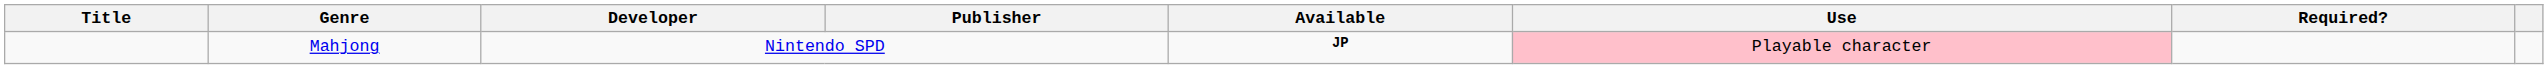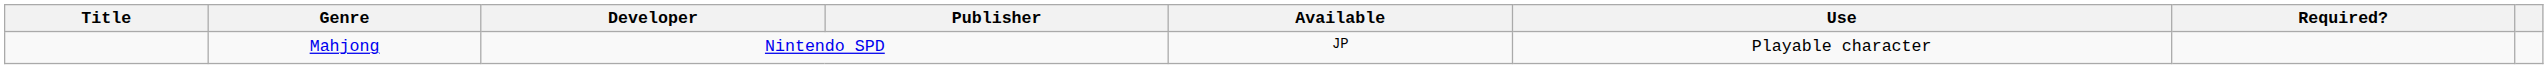 <table class="wikitable sortable" style="width:100%;" id="dsiwarelist">
 <tr>
 <th>Title</th>
 <th>Genre</th>
 <th>Developer</th>
 <th>Publisher</th>
 <th>Available</th>
 <th>Use</th>
 <th>Required?</th>
 <th></th>
 </tr>
 <tr>
 <td></td>
 <td align=center><a href='#'>Mahjong</a></td>
 <td colspan="2" align="center"><a href='#'>Nintendo SPD</a></td>
-<td align=center><strong><sup>JP</sup></strong></td>
-<td align=center style="background: pink;">Playable character</td>
+<td align=center><sup>JP</sup></td>
+<td align=center>Playable character</td>
 <td></td>
 <td></td>
 </tr>
 </table>
